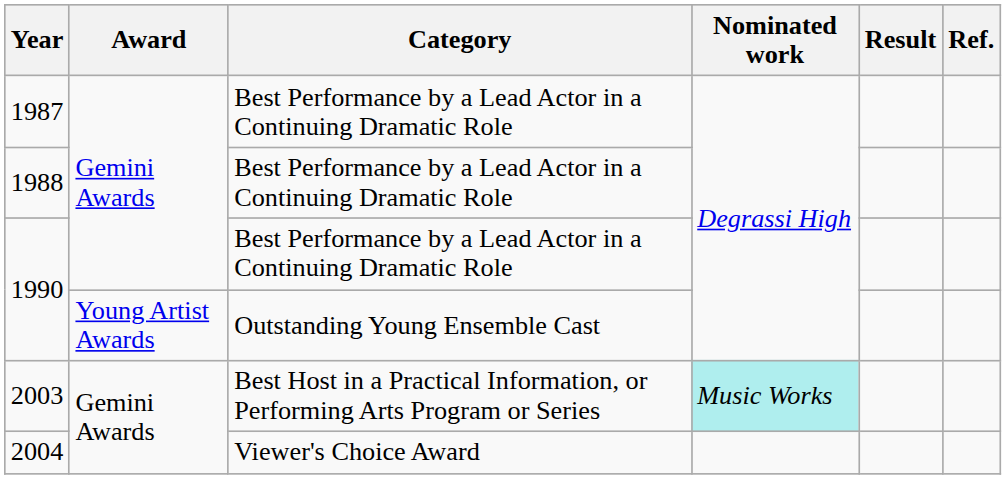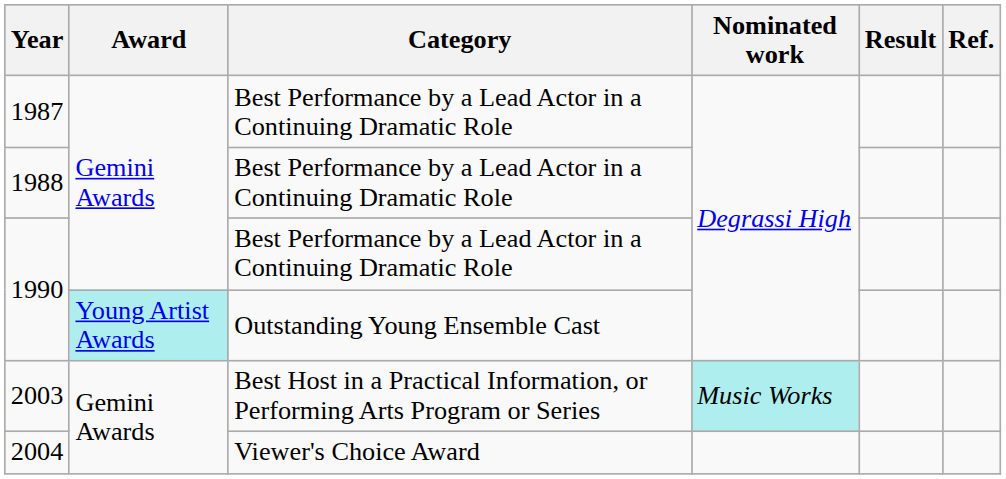 <table class="wikitable">
 <tr>
 <th>Year</th>
 <th>Award</th>
 <th>Category</th>
 <th>Nominated work</th>
 <th>Result</th>
 <th>Ref.</th>
 </tr>
 <tr>
 <td>1987</td>
 <td rowspan="3"><a href='#'>Gemini Awards</a></td>
 <td>Best Performance by a Lead Actor in a Continuing Dramatic Role</td>
 <td rowspan="4"><em><a href='#'>Degrassi High</a></em></td>
 <td></td>
 <td style="text-align:center;"></td>
 </tr>
 <tr>
 <td>1988</td>
 <td>Best Performance by a Lead Actor in a Continuing Dramatic Role</td>
 <td></td>
 <td style="text-align:center;"></td>
 </tr>
 <tr>
 <td rowspan="2">1990</td>
 <td>Best Performance by a Lead Actor in a Continuing Dramatic Role</td>
 <td></td>
 <td style="text-align:center;"></td>
 </tr>
 <tr>
-<td><a href='#'>Young Artist Awards</a></td>
+<td style="background: paleturquoise;"><a href='#'>Young Artist Awards</a></td>
 <td>Outstanding Young Ensemble Cast</td>
 <td></td>
 <td style="text-align:center;"></td>
 </tr>
 <tr>
 <td>2003</td>
 <td rowspan="2">Gemini Awards</td>
 <td>Best Host in a Practical Information, or Performing Arts Program or Series</td>
 <td style="background: paleturquoise;"><em>Music Works</em></td>
 <td></td>
 <td style="text-align:center;"></td>
 </tr>
 <tr>
 <td>2004</td>
 <td>Viewer's Choice Award</td>
 <td></td>
 <td></td>
 <td style="text-align:center;"></td>
 </tr>
 </table>
